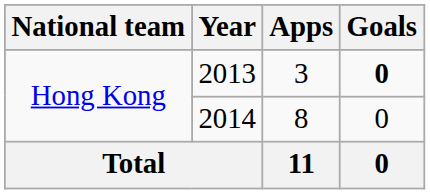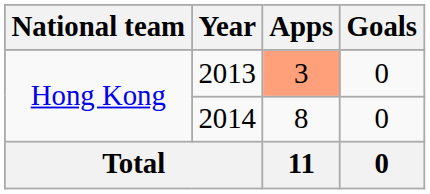 <table class="wikitable" style="text-align:center">
 <tr>
 <th>National team</th>
 <th>Year</th>
 <th>Apps</th>
 <th>Goals</th>
 </tr>
 <tr>
 <td rowspan="2"><a href='#'>Hong Kong</a></td>
 <td>2013</td>
-<td>3</td>
-<td><strong>0</strong></td>
+<td style="background: lightsalmon;">3</td>
+<td>0</td>
 </tr>
 <tr>
 <td>2014</td>
 <td>8</td>
 <td>0</td>
 </tr>
 <tr>
 <th colspan=2>Total</th>
 <th>11</th>
 <th>0</th>
 </tr>
 </table>
